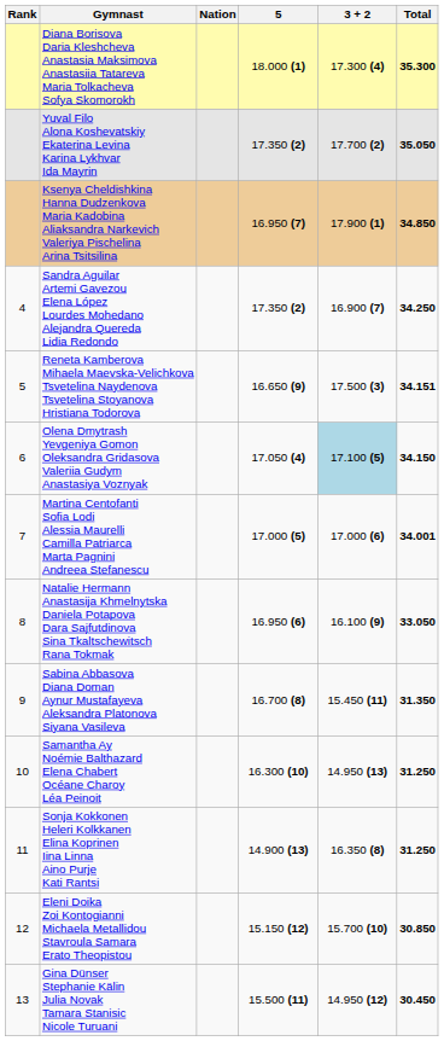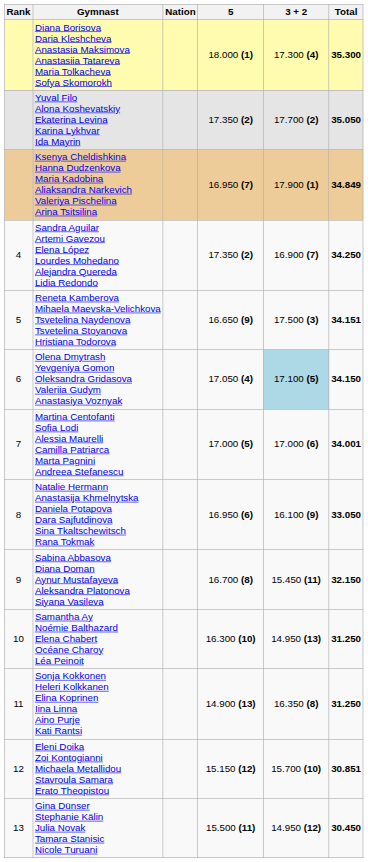 <table class="wikitable sortable" style="text-align:center">
 <tr>
 <th>Rank</th>
 <th>Gymnast</th>
 <th>Nation</th>
 <th width=100px>5 </th>
 <th width=100px>3  + 2 </th>
 <th>Total</th>
 </tr>
 <tr bgcolor=fffcaf>
 <td></td>
 <td align=left><a href='#'>Diana Borisova</a> <br><a href='#'>Daria Kleshcheva</a> <br><a href='#'>Anastasia Maksimova</a><br><a href='#'>Anastasiia Tatareva</a><br><a href='#'>Maria Tolkacheva</a><br><a href='#'>Sofya Skomorokh</a></td>
 <td align=left></td>
 <td>18.000 <strong>(1)</strong></td>
 <td>17.300 <strong>(4)</strong></td>
 <td><strong>35.300</strong></td>
 </tr>
 <tr bgcolor=e5e5e5>
 <td></td>
 <td align=left><a href='#'>Yuval Filo</a><br><a href='#'>Alona Koshevatskiy</a><br><a href='#'>Ekaterina Levina</a><br><a href='#'>Karina Lykhvar</a><br><a href='#'>Ida Mayrin</a></td>
 <td align=left></td>
 <td>17.350 <strong>(2)</strong></td>
 <td>17.700 <strong>(2)</strong></td>
 <td><strong>35.050</strong></td>
 </tr>
 <tr bgcolor=eecc99>
 <td></td>
 <td align=left><a href='#'>Ksenya Cheldishkina</a> <br><a href='#'>Hanna Dudzenkova</a><br><a href='#'>Maria Kadobina</a><br><a href='#'>Aliaksandra Narkevich</a> <br><a href='#'>Valeriya Pischelina</a><br><a href='#'>Arina Tsitsilina</a></td>
 <td align=left></td>
 <td>16.950 <strong>(7)</strong></td>
 <td>17.900 <strong>(1)</strong></td>
-<td><strong>34.850</strong></td>
+<td><strong>34.849</strong></td>
 </tr>
 <tr>
 <td>4</td>
 <td align=left><a href='#'>Sandra Aguilar</a><br><a href='#'>Artemi Gavezou</a><br><a href='#'>Elena López</a> <br><a href='#'>Lourdes Mohedano</a><br><a href='#'>Alejandra Quereda</a><br><a href='#'>Lidia Redondo</a> </td>
 <td align=left></td>
 <td>17.350 <strong>(2)</strong></td>
 <td>16.900 <strong>(7)</strong></td>
 <td><strong>34.250</strong></td>
 </tr>
 <tr>
 <td>5</td>
 <td align=left><a href='#'>Reneta Kamberova</a><br><a href='#'>Mihaela Maevska-Velichkova</a><br><a href='#'>Tsvetelina Naydenova</a><br><a href='#'>Tsvetelina Stoyanova</a><br><a href='#'>Hristiana Todorova</a></td>
 <td align=left></td>
 <td>16.650 <strong>(9)</strong></td>
 <td>17.500 <strong>(3)</strong></td>
 <td><strong>34.151</strong></td>
 </tr>
 <tr>
 <td>6</td>
 <td align=left><a href='#'>Olena Dmytrash</a><br><a href='#'>Yevgeniya Gomon</a><br><a href='#'>Oleksandra Gridasova</a><br><a href='#'>Valeriia Gudym</a><br><a href='#'>Anastasiya Voznyak</a></td>
 <td align=left></td>
 <td>17.050 <strong>(4)</strong></td>
 <td style="background: lightblue;">17.100 <strong>(5)</strong></td>
 <td><strong>34.150</strong></td>
 </tr>
 <tr>
 <td>7</td>
 <td align=left><a href='#'>Martina Centofanti</a> <br><a href='#'>Sofia Lodi</a><br><a href='#'>Alessia Maurelli</a><br><a href='#'>Camilla Patriarca</a><br><a href='#'>Marta Pagnini</a><br><a href='#'>Andreea Stefanescu</a> </td>
 <td align=left></td>
 <td>17.000 <strong>(5)</strong></td>
 <td>17.000 <strong>(6)</strong></td>
 <td><strong>34.001</strong></td>
 </tr>
 <tr>
 <td>8</td>
 <td align=left><a href='#'>Natalie Hermann</a> <br><a href='#'>Anastasija Khmelnytska</a><br><a href='#'>Daniela Potapova</a><br><a href='#'>Dara Sajfutdinova</a><br><a href='#'>Sina Tkaltschewitsch</a> <br><a href='#'>Rana Tokmak</a></td>
 <td align=left></td>
 <td>16.950 <strong>(6)</strong></td>
 <td>16.100 <strong>(9)</strong></td>
 <td><strong>33.050</strong></td>
 </tr>
 <tr>
 <td>9</td>
 <td align=left><a href='#'>Sabina Abbasova</a><br><a href='#'>Diana Doman</a><br><a href='#'>Aynur Mustafayeva</a><br><a href='#'>Aleksandra Platonova</a><br><a href='#'>Siyana Vasileva</a></td>
 <td align=left></td>
 <td>16.700 <strong>(8)</strong></td>
 <td>15.450 <strong>(11)</strong></td>
-<td><strong>31.350</strong></td>
+<td><strong>32.150</strong></td>
 </tr>
 <tr>
 <td>10</td>
 <td align=left><a href='#'>Samantha Ay</a><br><a href='#'>Noémie Balthazard</a><br><a href='#'>Elena Chabert</a><br><a href='#'>Océane Charoy</a><br><a href='#'>Léa Peinoit</a></td>
 <td align=left></td>
 <td>16.300 <strong>(10)</strong></td>
 <td>14.950 <strong>(13)</strong></td>
 <td><strong>31.250</strong></td>
 </tr>
 <tr>
 <td>11</td>
 <td align=left><a href='#'>Sonja Kokkonen</a><br><a href='#'>Heleri Kolkkanen</a> <br><a href='#'>Elina Koprinen</a><br><a href='#'>Iina Linna</a><br><a href='#'>Aino Purje</a><br><a href='#'>Kati Rantsi</a> </td>
 <td align=left></td>
 <td>14.900 <strong>(13)</strong></td>
 <td>16.350 <strong>(8)</strong></td>
 <td><strong>31.250</strong></td>
 </tr>
 <tr>
 <td>12</td>
 <td align=left><a href='#'>Eleni Doika</a><br><a href='#'>Zoi Kontogianni</a><br><a href='#'>Michaela Metallidou</a><br><a href='#'>Stavroula Samara</a><br><a href='#'>Erato Theopistou</a></td>
 <td align="left"></td>
 <td>15.150 <strong>(12)</strong></td>
 <td>15.700 <strong>(10)</strong></td>
-<td><strong>30.850</strong></td>
+<td><strong>30.851</strong></td>
 </tr>
 <tr>
 <td>13</td>
 <td align=left><a href='#'>Gina Dünser</a><br><a href='#'>Stephanie Kälin</a><br><a href='#'>Julia Novak</a><br><a href='#'>Tamara Stanisic</a><br><a href='#'>Nicole Turuani</a></td>
 <td align=left></td>
 <td>15.500 <strong>(11)</strong></td>
 <td>14.950 <strong>(12)</strong></td>
 <td><strong>30.450</strong></td>
 </tr>
 </table>
